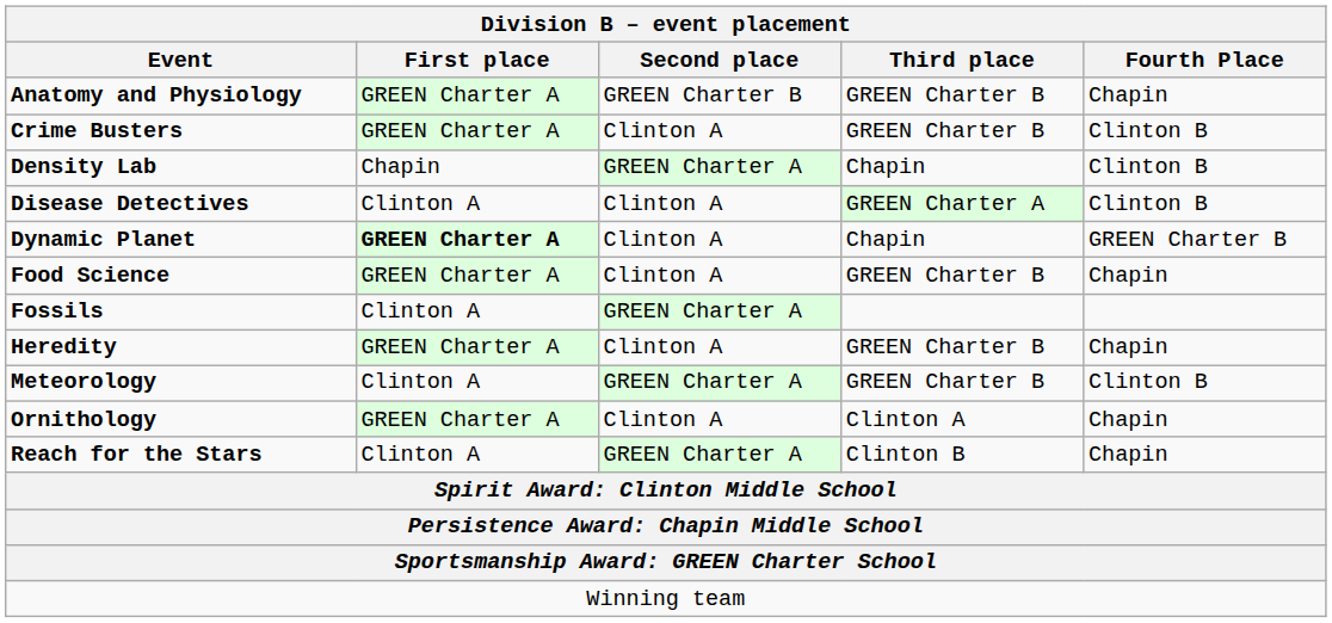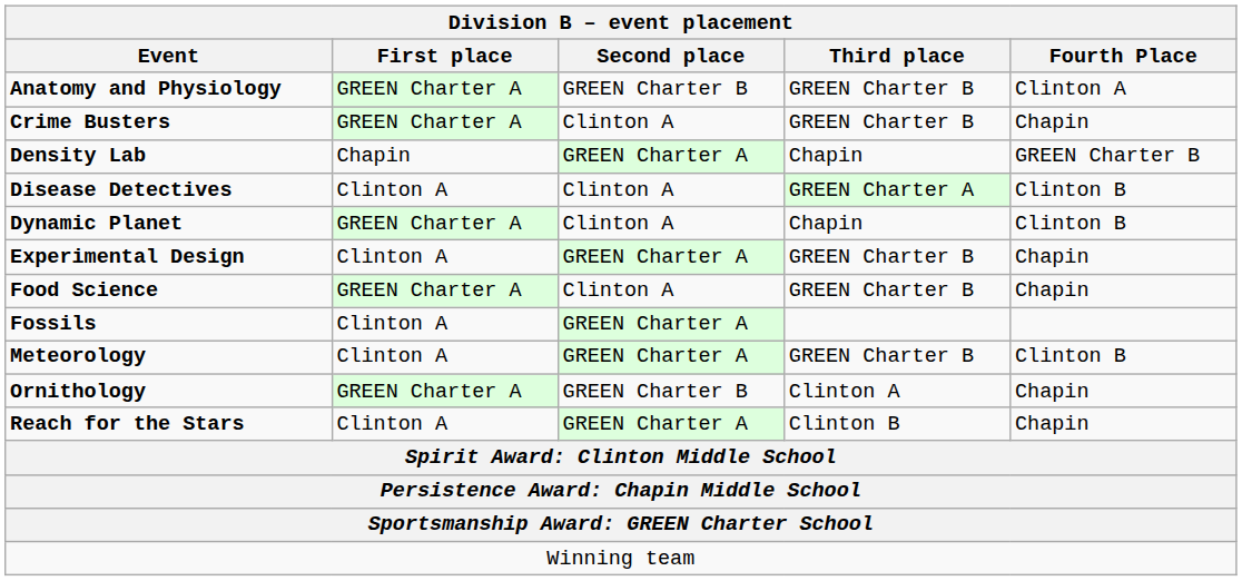 <table class="wikitable collapsible collapsed" style="float:left; width:780px">
 <tr>
 <th colspan=5>Division B – event placement</th>
 </tr>
 <tr>
 <th>Event</th>
 <th>First place</th>
 <th>Second place</th>
 <th>Third place</th>
 <th>Fourth Place</th>
 </tr>
 <tr>
 <td><strong>Anatomy and Physiology</strong></td>
 <td style="background:#ddffdd">GREEN Charter A</td>
 <td>GREEN Charter B</td>
 <td>GREEN Charter B</td>
-<td>Chapin</td>
+<td>Clinton A</td>
 </tr>
 <tr>
 <td><strong>Crime Busters</strong></td>
 <td style="background:#ddffdd">GREEN Charter A</td>
 <td>Clinton A</td>
 <td>GREEN Charter B</td>
-<td>Clinton B</td>
+<td>Chapin</td>
 </tr>
 <tr>
 <td><strong>Density Lab</strong></td>
 <td>Chapin</td>
 <td style="background:#ddffdd">GREEN Charter A</td>
 <td>Chapin</td>
-<td>Clinton B</td>
+<td>GREEN Charter B</td>
 </tr>
 <tr>
 <td><strong>Disease Detectives</strong></td>
 <td>Clinton A</td>
 <td>Clinton A</td>
 <td style="background:#ddffdd">GREEN Charter A</td>
 <td>Clinton B</td>
 </tr>
 <tr>
 <td><strong>Dynamic Planet</strong></td>
-<td style="background:#ddffdd"><strong>GREEN Charter A</strong></td>
+<td style="background:#ddffdd">GREEN Charter A</td>
 <td>Clinton A</td>
 <td>Chapin</td>
+<td>Clinton B</td>
+</tr>
+<tr>
+<td><strong>Experimental Design</strong></td>
+<td>Clinton A</td>
+<td style="background:#ddffdd">GREEN Charter A</td>
 <td>GREEN Charter B</td>
+<td>Chapin</td>
 </tr>
 <tr>
 <td><strong>Food Science</strong></td>
 <td style="background:#ddffdd">GREEN Charter A</td>
 <td>Clinton A</td>
 <td>GREEN Charter B</td>
 <td>Chapin</td>
 </tr>
 <tr>
 <td><strong>Fossils</strong></td>
 <td>Clinton A</td>
 <td style="background:#ddffdd">GREEN Charter A</td>
 <td></td>
 <td></td>
 </tr>
 <tr>
-<td><strong>Heredity</strong></td>
-<td style="background:#ddffdd">GREEN Charter A</td>
-<td>Clinton A</td>
-<td>GREEN Charter B</td>
-<td>Chapin</td>
-</tr>
-<tr>
 <td><strong>Meteorology</strong></td>
 <td>Clinton A</td>
 <td style="background:#ddffdd">GREEN Charter A</td>
 <td>GREEN Charter B</td>
 <td>Clinton B</td>
 </tr>
 <tr>
 <td><strong>Ornithology</strong></td>
 <td style="background:#ddffdd">GREEN Charter A</td>
-<td>Clinton A</td>
+<td>GREEN Charter B</td>
 <td>Clinton A</td>
 <td>Chapin</td>
 </tr>
 <tr>
 <td><strong>Reach for the Stars</strong></td>
 <td>Clinton A</td>
 <td style="background:#ddffdd">GREEN Charter A</td>
 <td>Clinton B</td>
 <td>Chapin</td>
 </tr>
 <tr>
 <th colspan=5><em>Spirit Award: Clinton Middle School</em></th>
 </tr>
 <tr>
 <th colspan=5><em>Persistence Award: Chapin Middle School</em></th>
 </tr>
 <tr>
 <th colspan=5><em>Sportsmanship Award: GREEN Charter School</em></th>
 </tr>
 <tr>
 <td colspan=5 style=text-align:center> Winning team</td>
 </tr>
 </table>
